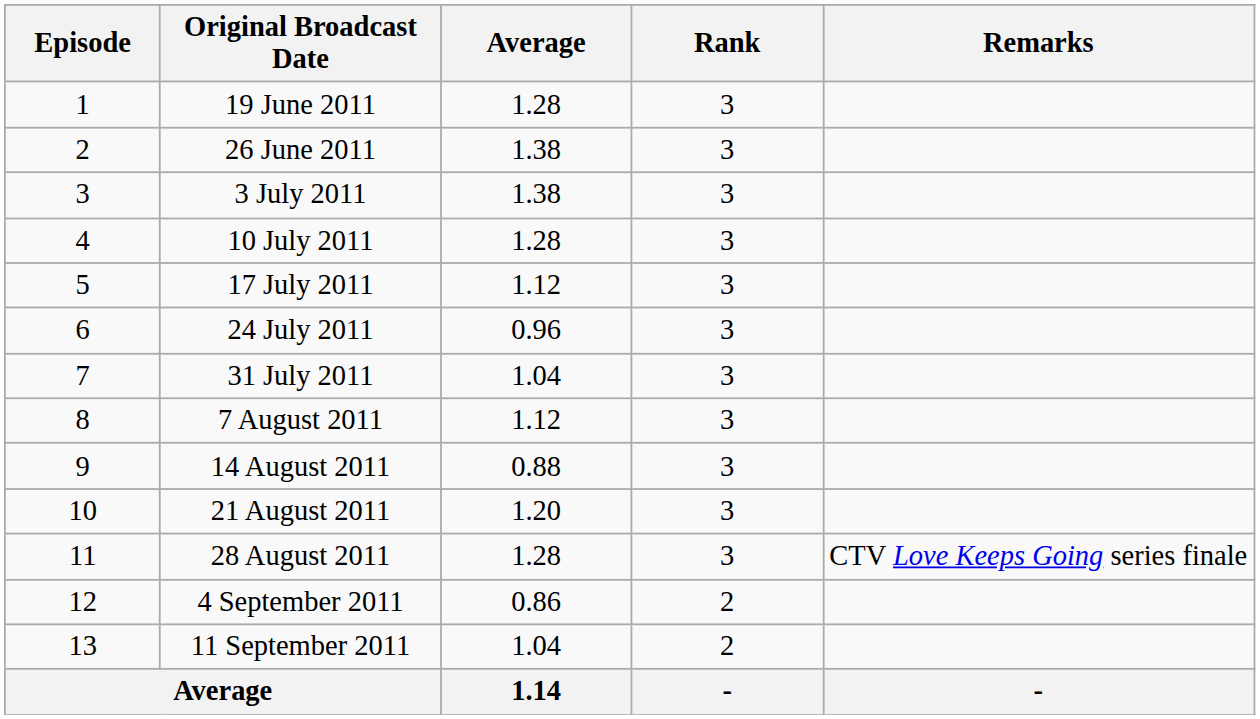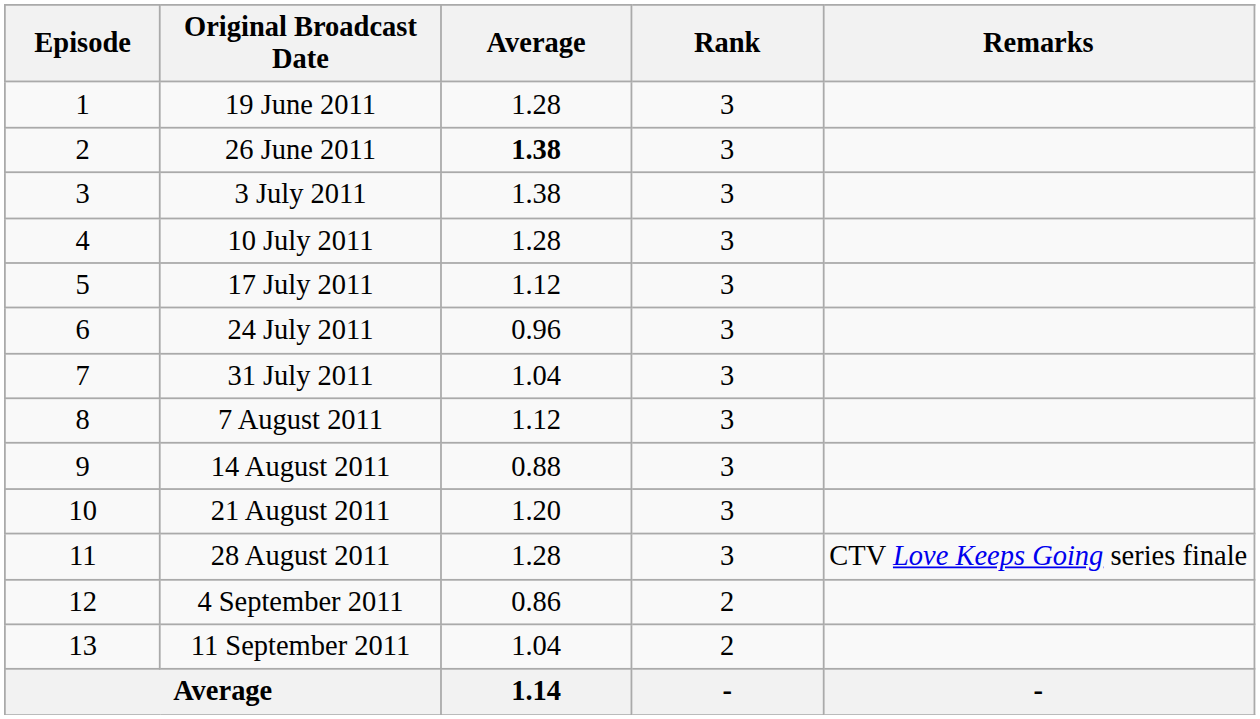 <table class="wikitable" style="text-align:center">
 <tr>
 <th width=80>Episode</th>
 <th width=150>Original Broadcast Date</th>
 <th width=100>Average</th>
 <th width=100>Rank</th>
 <th>Remarks</th>
 </tr>
 <tr>
 <td>1</td>
 <td>19 June 2011</td>
 <td>1.28</td>
 <td>3</td>
 <td></td>
 </tr>
 <tr>
 <td>2</td>
 <td>26 June 2011</td>
-<td>1.38</td>
+<td><strong>1.38</strong></td>
 <td>3</td>
 <td></td>
 </tr>
 <tr>
 <td>3</td>
 <td>3 July 2011</td>
 <td>1.38</td>
 <td>3</td>
 <td></td>
 </tr>
 <tr>
 <td>4</td>
 <td>10 July 2011</td>
 <td>1.28</td>
 <td>3</td>
 <td></td>
 </tr>
 <tr>
 <td>5</td>
 <td>17 July 2011</td>
 <td>1.12</td>
 <td>3</td>
 <td></td>
 </tr>
 <tr>
 <td>6</td>
 <td>24 July 2011</td>
 <td>0.96</td>
 <td>3</td>
 <td></td>
 </tr>
 <tr>
 <td>7</td>
 <td>31 July 2011</td>
 <td>1.04</td>
 <td>3</td>
 <td></td>
 </tr>
 <tr>
 <td>8</td>
 <td>7 August 2011</td>
 <td>1.12</td>
 <td>3</td>
 <td></td>
 </tr>
 <tr>
 <td>9</td>
 <td>14 August 2011</td>
 <td>0.88</td>
 <td>3</td>
 <td></td>
 </tr>
 <tr>
 <td>10</td>
 <td>21 August 2011</td>
 <td>1.20</td>
 <td>3</td>
 <td></td>
 </tr>
 <tr>
 <td>11</td>
 <td>28 August 2011</td>
 <td>1.28</td>
 <td>3</td>
 <td>CTV <em><a href='#'>Love Keeps Going</a></em> series finale</td>
 </tr>
 <tr>
 <td>12</td>
 <td>4 September 2011</td>
 <td>0.86</td>
 <td>2</td>
 <td></td>
 </tr>
 <tr>
 <td>13</td>
 <td>11 September 2011</td>
 <td>1.04</td>
 <td>2</td>
 <td></td>
 </tr>
 <tr>
 <th colspan=2>Average</th>
 <th>1.14</th>
 <th>-</th>
 <th>-</th>
 </tr>
 </table>
